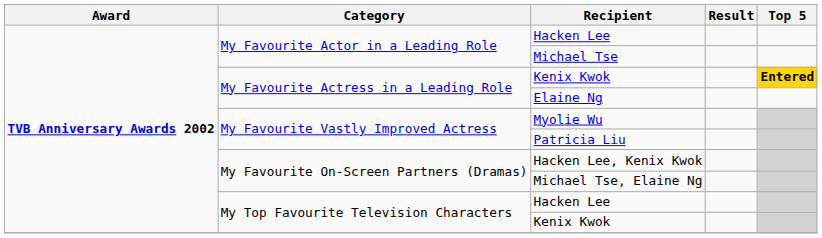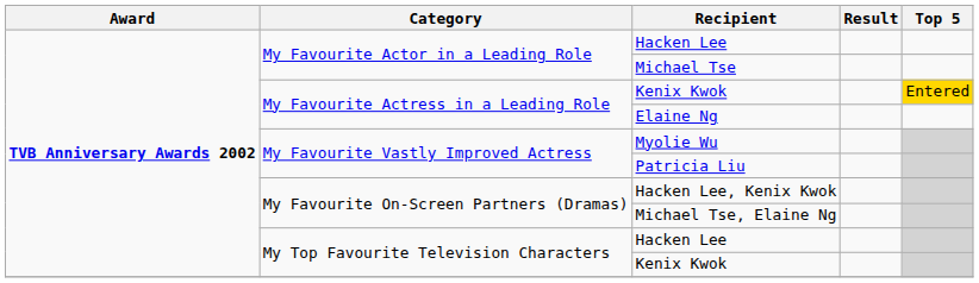 <table class="wikitable">
 <tr>
 <th>Award</th>
 <th>Category</th>
 <th>Recipient</th>
 <th>Result</th>
 <th>Top 5</th>
 </tr>
 <tr>
 <td rowspan=10><strong><a href='#'>TVB Anniversary Awards</a> 2002</strong></td>
 <td rowspan=2><a href='#'>My Favourite Actor in a Leading Role</a></td>
 <td><a href='#'>Hacken Lee</a></td>
 <td></td>
 <td></td>
 </tr>
 <tr>
 <td><a href='#'>Michael Tse</a></td>
 <td></td>
 <td></td>
 </tr>
 <tr>
 <td rowspan=2><a href='#'>My Favourite Actress in a Leading Role</a></td>
 <td><a href='#'>Kenix Kwok</a></td>
 <td></td>
-<td td style="background:gold; text-align:center;"><strong>Entered</strong></td>
+<td td style="background:gold; text-align:center;">Entered</td>
 </tr>
 <tr>
 <td><a href='#'>Elaine Ng</a></td>
 <td></td>
 <td></td>
 </tr>
 <tr>
 <td rowspan=2><a href='#'>My Favourite Vastly Improved Actress</a></td>
 <td><a href='#'>Myolie Wu</a></td>
 <td></td>
 <td style="background:lightgrey;"> </td>
 </tr>
 <tr>
 <td><a href='#'>Patricia Liu</a></td>
 <td></td>
 <td style="background:lightgrey;"> </td>
 </tr>
 <tr>
 <td rowspan=2>My Favourite On-Screen Partners (Dramas)</td>
 <td>Hacken Lee, Kenix Kwok</td>
 <td></td>
 <td style="background:lightgrey;"> </td>
 </tr>
 <tr>
 <td>Michael Tse, Elaine Ng</td>
 <td></td>
 <td style="background:lightgrey;"> </td>
 </tr>
 <tr>
 <td rowspan=2>My Top Favourite Television Characters</td>
 <td>Hacken Lee</td>
 <td></td>
 <td style="background:lightgrey;"> </td>
 </tr>
 <tr>
 <td>Kenix Kwok</td>
 <td></td>
 <td style="background:lightgrey;"> </td>
 </tr>
 <tr>
 </tr>
 </table>
